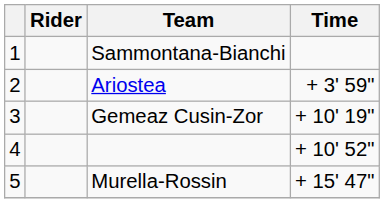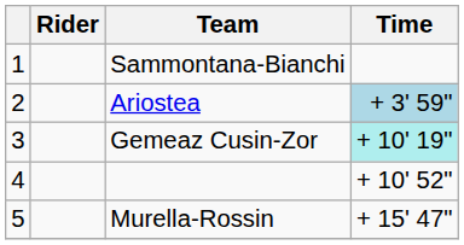 <table class="wikitable">
 <tr>
 <th></th>
 <th>Rider</th>
 <th>Team</th>
 <th>Time</th>
 </tr>
 <tr>
 <td>1</td>
 <td> </td>
 <td>Sammontana-Bianchi</td>
 <td align=right></td>
 </tr>
 <tr>
 <td>2</td>
 <td></td>
 <td><a href='#'>Ariostea</a></td>
-<td align=right>+ 3' 59"</td>
+<td align=right style="background: lightblue;">+ 3' 59"</td>
 </tr>
 <tr>
 <td>3</td>
 <td> </td>
 <td>Gemeaz Cusin-Zor</td>
-<td align=right>+ 10' 19"</td>
+<td align=right style="background: paleturquoise;">+ 10' 19"</td>
 </tr>
 <tr>
 <td>4</td>
 <td></td>
 <td></td>
 <td align=right>+ 10' 52"</td>
 </tr>
 <tr>
 <td>5</td>
 <td></td>
 <td>Murella-Rossin</td>
 <td align=right>+ 15' 47"</td>
 </tr>
 <tr>
 </tr>
 </table>
